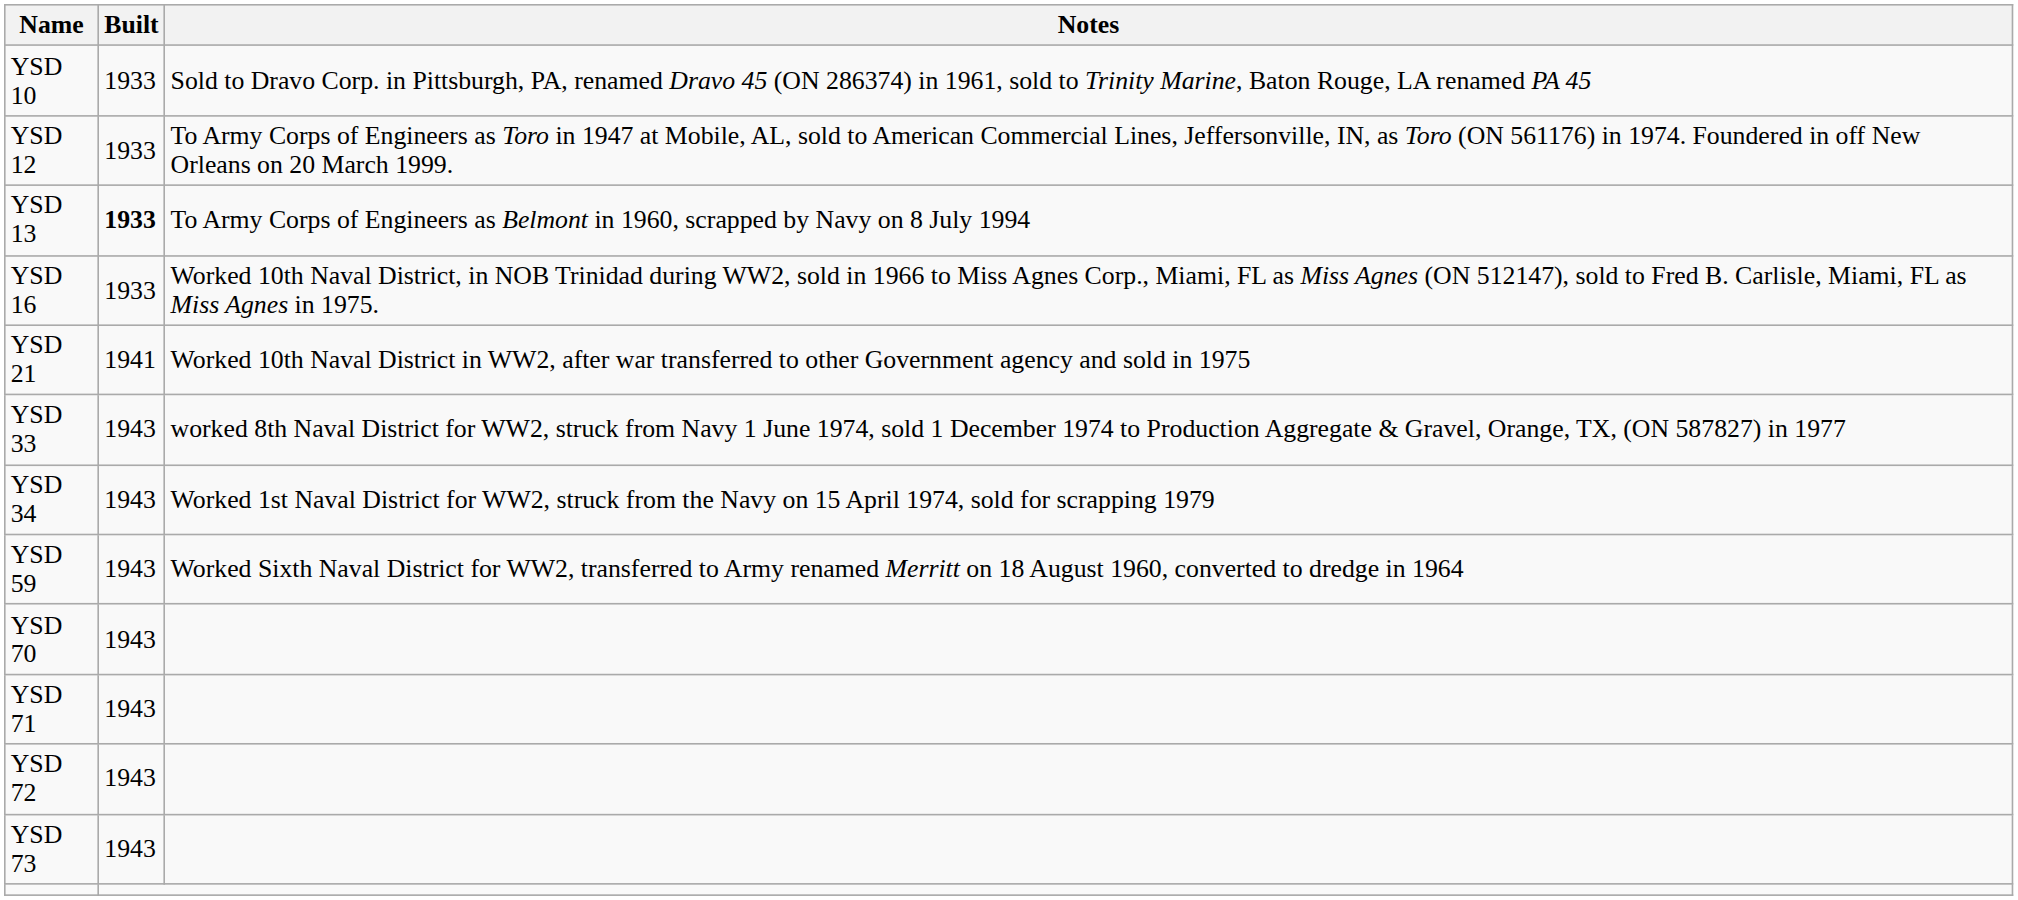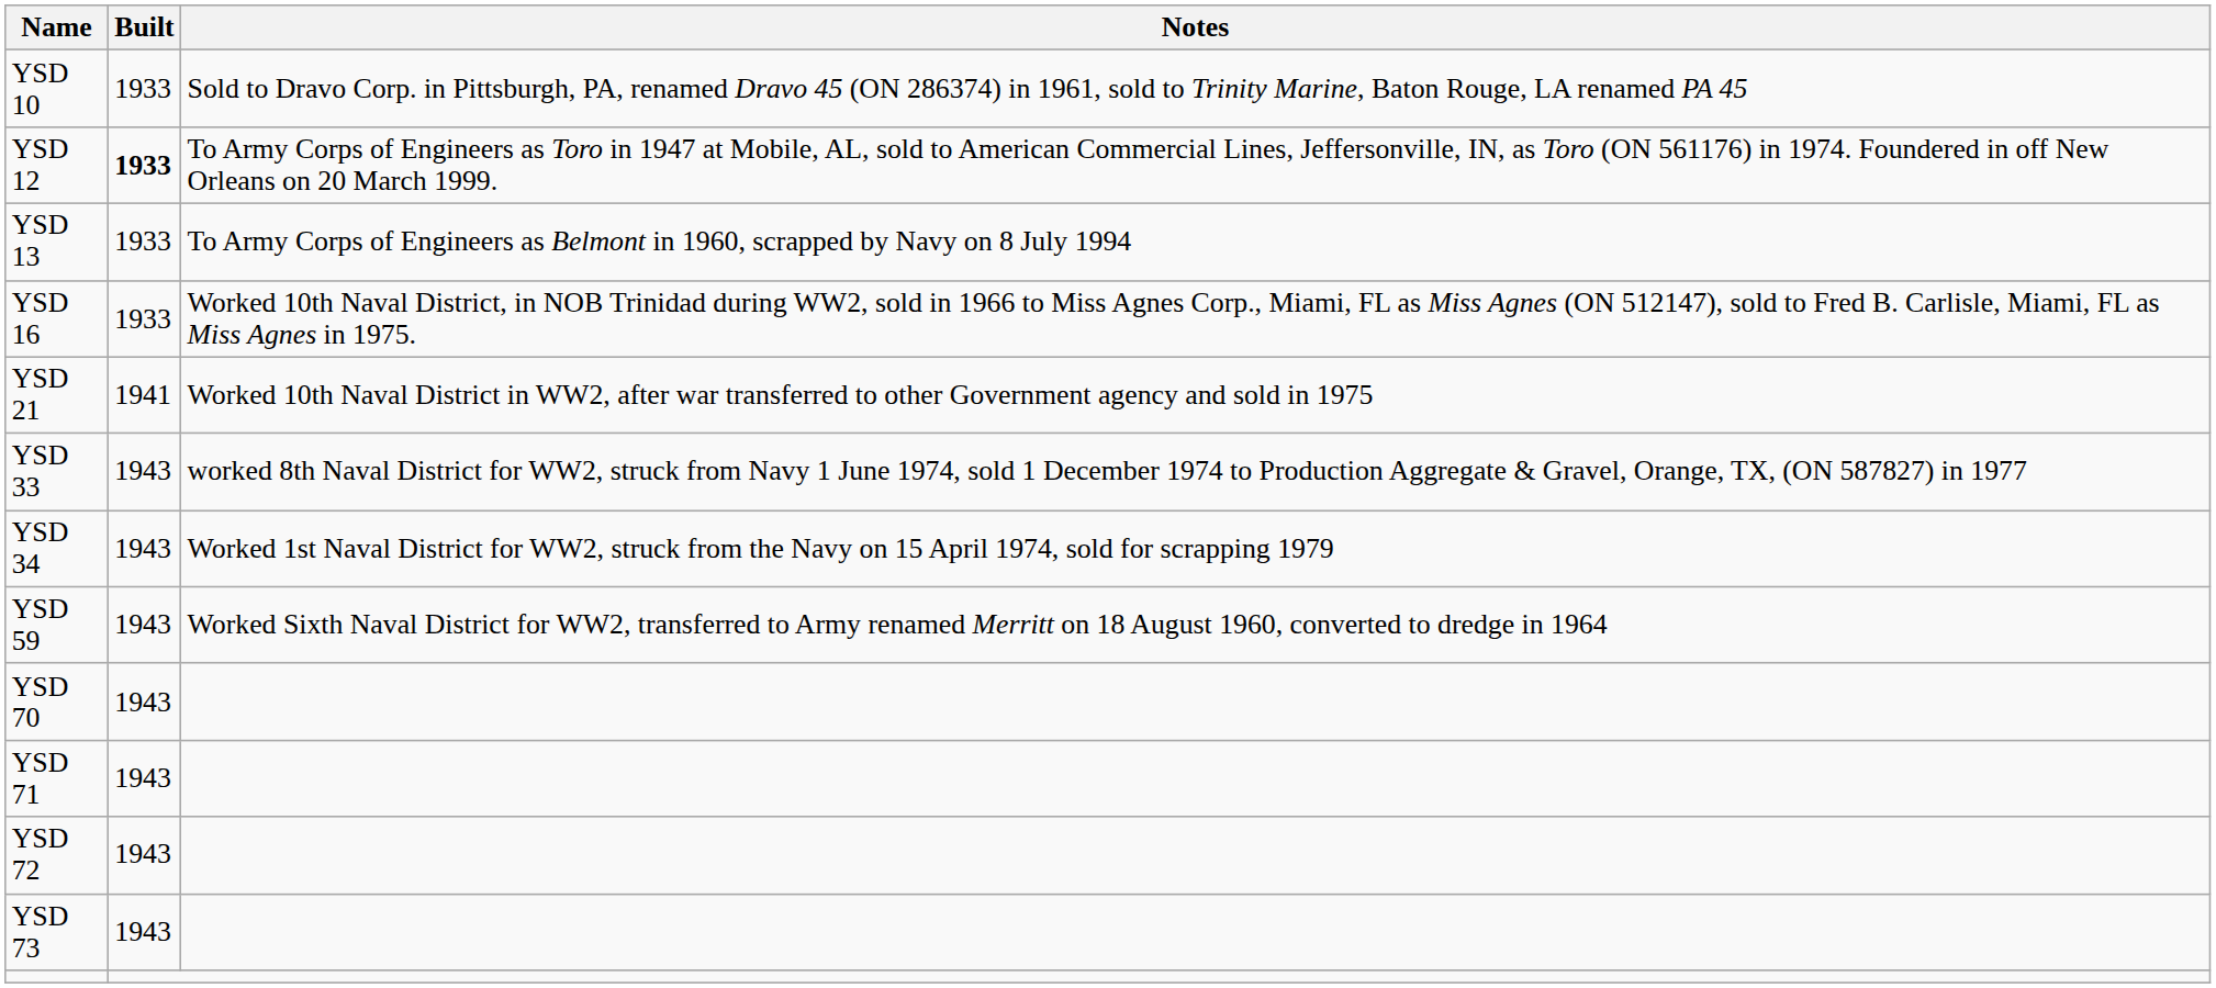 <table class="wikitable collapsible">
 <tr>
 <th>Name</th>
 <th>Built</th>
 <th>Notes</th>
 </tr>
 <tr>
 <td>YSD 10</td>
 <td>1933</td>
 <td>Sold to Dravo Corp. in Pittsburgh, PA, renamed <em>Dravo 45 </em>(ON 286374) in 1961, sold to <em>Trinity Marine</em>, Baton Rouge, LA renamed <em>PA 45</em></td>
 </tr>
 <tr>
 <td>YSD 12</td>
-<td>1933</td>
+<td><strong>1933</strong></td>
 <td>To Army Corps of Engineers as <em>Toro</em> in 1947 at Mobile, AL, sold to American Commercial Lines, Jeffersonville, IN, as <em>Toro</em> (ON 561176) in 1974. Foundered in off New Orleans on 20 March 1999.</td>
 </tr>
 <tr>
 <td>YSD 13</td>
-<td><strong>1933</strong></td>
+<td>1933</td>
 <td>To Army Corps of Engineers as <em>Belmont</em> in 1960, scrapped by Navy on 8 July 1994</td>
 </tr>
 <tr>
 <td>YSD 16</td>
 <td>1933</td>
 <td>Worked 10th Naval District, in NOB Trinidad during WW2, sold in 1966 to Miss Agnes Corp., Miami, FL as <em>Miss Agnes</em> (ON 512147), sold to Fred B. Carlisle, Miami, FL as <em>Miss Agnes</em> in 1975.</td>
 </tr>
 <tr>
 <td>YSD 21</td>
 <td>1941</td>
 <td>Worked 10th Naval District in WW2, after war transferred to other Government agency and sold in 1975</td>
 </tr>
 <tr>
 <td>YSD 33</td>
 <td>1943</td>
 <td>worked 8th Naval District for WW2, struck from Navy 1 June 1974, sold 1 December 1974 to Production Aggregate & Gravel, Orange, TX, (ON 587827) in 1977</td>
 </tr>
 <tr>
 <td>YSD 34</td>
 <td>1943</td>
 <td>Worked 1st Naval District for WW2, struck from the Navy on 15 April 1974, sold for scrapping 1979</td>
 </tr>
 <tr>
 <td>YSD 59</td>
 <td>1943</td>
 <td>Worked Sixth Naval District for WW2, transferred to Army renamed <em>Merritt</em> on 18 August 1960, converted to dredge in 1964</td>
 </tr>
 <tr>
 <td>YSD 70</td>
 <td>1943</td>
 <td></td>
 </tr>
 <tr>
 <td>YSD 71</td>
 <td>1943</td>
 <td></td>
 </tr>
 <tr>
 <td>YSD 72</td>
 <td>1943</td>
 <td></td>
 </tr>
 <tr>
 <td>YSD 73</td>
 <td>1943</td>
 <td></td>
 </tr>
 <tr>
 <td></td>
 </tr>
 </table>
